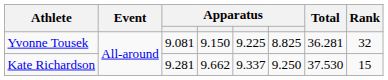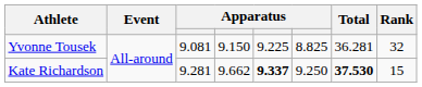 <table class=wikitable style=font-size:90%;text-align:center>
 <tr>
 <th rowspan=2>Athlete</th>
 <th rowspan=2>Event</th>
 <th colspan=4>Apparatus</th>
 <th rowspan=2>Total</th>
 <th rowspan=2>Rank</th>
 </tr>
 <tr style=font-size:95%>
 <th></th>
 <th></th>
 <th></th>
 <th></th>
 </tr>
 <tr>
 <td align=left><a href='#'>Yvonne Tousek</a></td>
 <td align=left rowspan=2><a href='#'>All-around</a></td>
 <td>9.081</td>
 <td>9.150</td>
 <td>9.225</td>
 <td>8.825</td>
 <td>36.281</td>
 <td>32</td>
 </tr>
 <tr>
 <td align=left><a href='#'>Kate Richardson</a></td>
 <td>9.281</td>
 <td>9.662</td>
-<td>9.337</td>
+<td><strong>9.337</strong></td>
 <td>9.250</td>
-<td>37.530</td>
+<td><strong>37.530</strong></td>
 <td>15</td>
 </tr>
 </table>
